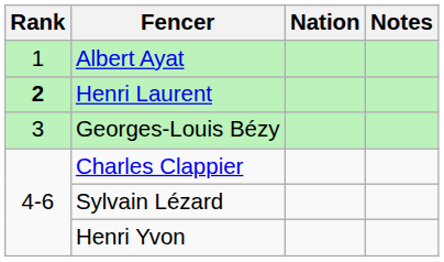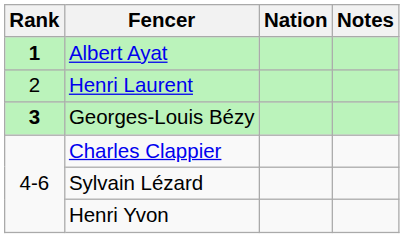 <table class="wikitable sortable" style="text-align:center">
 <tr>
 <th>Rank</th>
 <th>Fencer</th>
 <th>Nation</th>
 <th>Notes</th>
 </tr>
 <tr bgcolor=bbf3bb>
-<td>1</td>
+<td><strong>1</strong></td>
 <td align=left><a href='#'>Albert Ayat</a></td>
 <td align=left></td>
 <td></td>
 </tr>
 <tr bgcolor=bbf3bb>
-<td><strong>2</strong></td>
+<td>2</td>
 <td align=left><a href='#'>Henri Laurent</a></td>
 <td align=left></td>
 <td></td>
 </tr>
 <tr bgcolor=bbf3bb>
-<td>3</td>
+<td><strong>3</strong></td>
 <td align=left>Georges-Louis Bézy</td>
 <td align=left></td>
 <td></td>
 </tr>
 <tr>
 <td rowspan=3>4-6</td>
 <td align=left><a href='#'>Charles Clappier</a></td>
 <td align=left></td>
 <td></td>
 </tr>
 <tr>
 <td align=left>Sylvain Lézard</td>
 <td align=left></td>
 <td></td>
 </tr>
 <tr>
 <td align=left>Henri Yvon</td>
 <td align=left></td>
 <td></td>
 </tr>
 </table>
